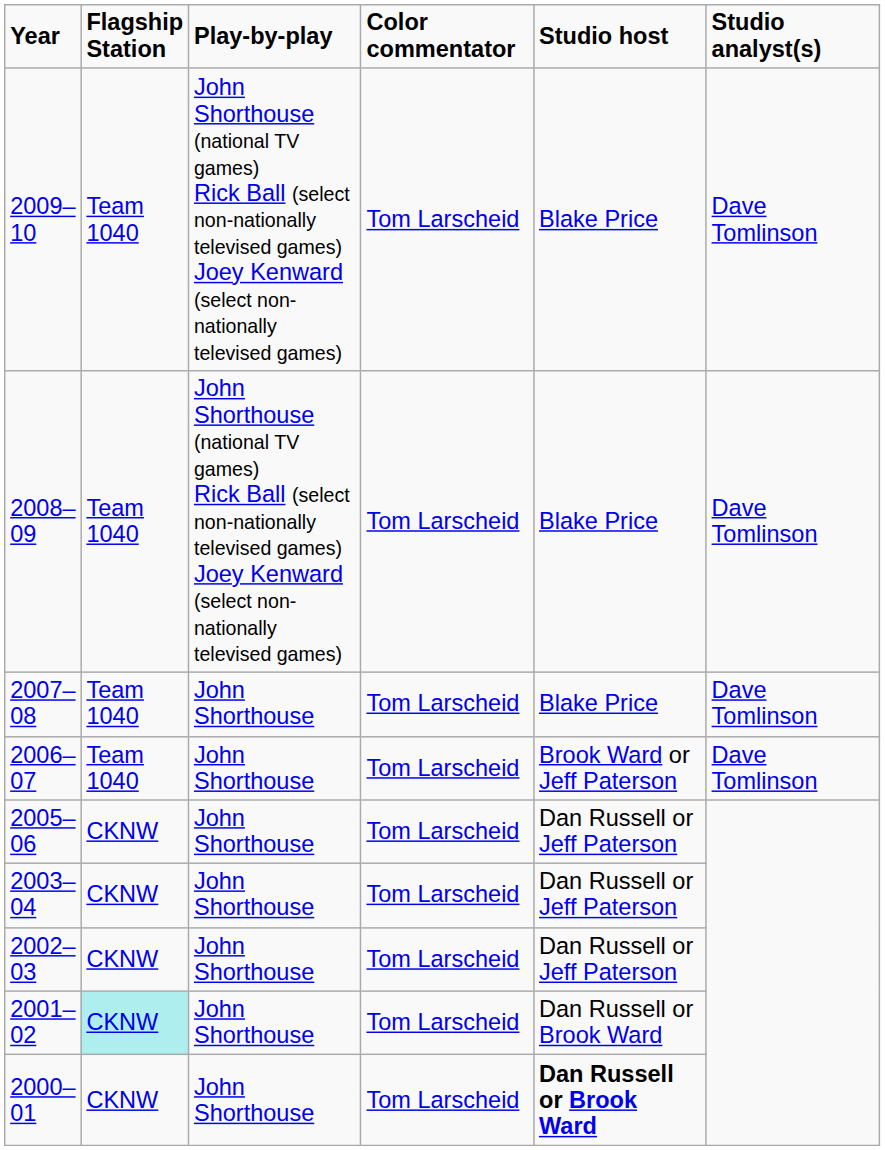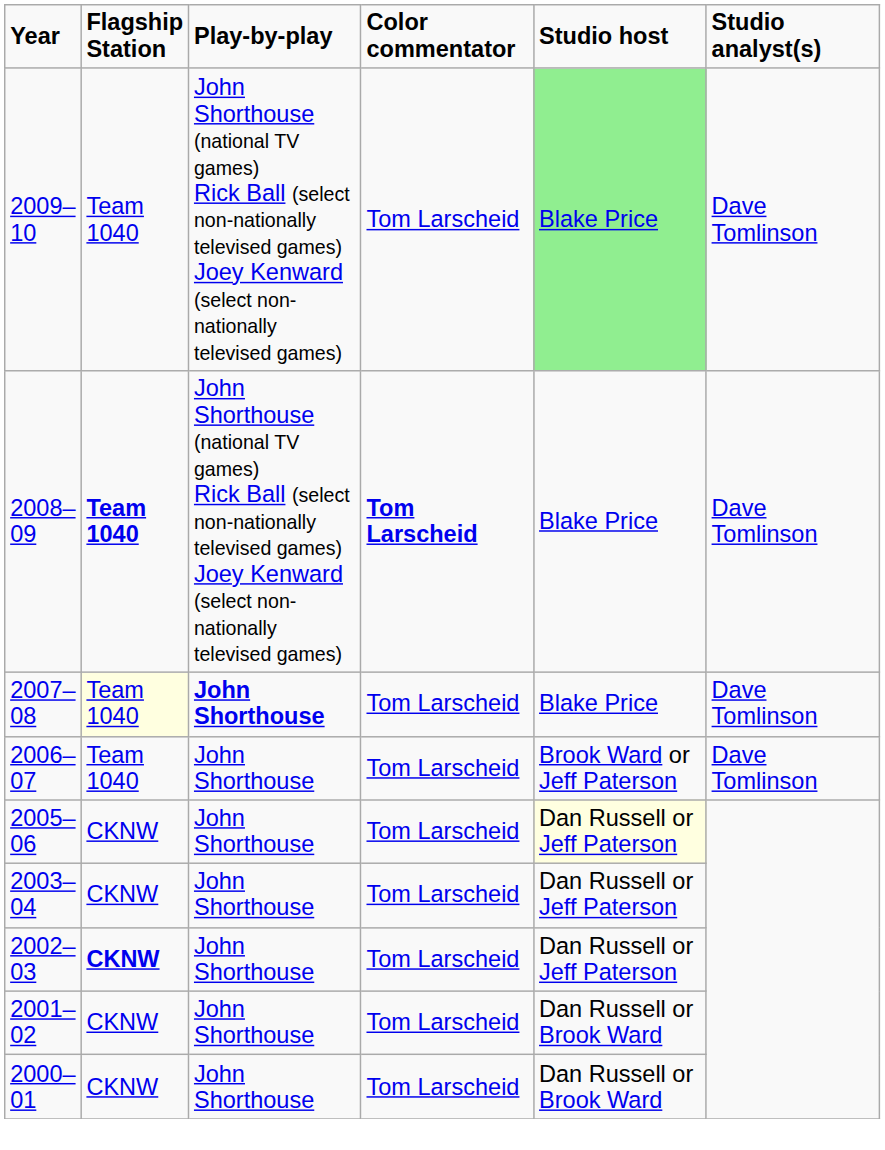 <table class="wikitable">
 <tr>
 <td style="width:40px;"><strong>Year</strong></td>
 <td style="width:40px;"><strong>Flagship Station</strong></td>
 <td style="width:110px;"><strong>Play-by-play</strong></td>
 <td style="width:110px;"><strong>Color commentator</strong></td>
 <td style="width:110px;"><strong>Studio host</strong></td>
 <td style="width:110px;"><strong>Studio analyst(s)</strong></td>
 </tr>
 <tr>
 <td><a href='#'>2009–10</a></td>
 <td><a href='#'>Team 1040</a></td>
 <td><a href='#'>John Shorthouse</a> <small>(national TV games)</small><br><a href='#'>Rick Ball</a> <small>(select non-nationally televised games)</small><br><a href='#'>Joey Kenward</a> <small>(select non-nationally televised games)</small></td>
 <td><a href='#'>Tom Larscheid</a></td>
-<td><a href='#'>Blake Price</a></td>
+<td style="background: lightgreen;"><a href='#'>Blake Price</a></td>
 <td><a href='#'>Dave Tomlinson</a></td>
 </tr>
 <tr>
 <td><a href='#'>2008–09</a></td>
-<td><a href='#'>Team 1040</a></td>
+<td><strong><a href='#'>Team 1040</a></strong></td>
 <td><a href='#'>John Shorthouse</a> <small>(national TV games)</small><br><a href='#'>Rick Ball</a> <small>(select non-nationally televised games)</small><br><a href='#'>Joey Kenward</a> <small>(select non-nationally televised games)</small></td>
-<td><a href='#'>Tom Larscheid</a></td>
+<td><strong><a href='#'>Tom Larscheid</a></strong></td>
 <td><a href='#'>Blake Price</a></td>
 <td><a href='#'>Dave Tomlinson</a></td>
 </tr>
 <tr>
 <td><a href='#'>2007–08</a></td>
-<td><a href='#'>Team 1040</a></td>
-<td><a href='#'>John Shorthouse</a></td>
+<td style="background: lightyellow;"><a href='#'>Team 1040</a></td>
+<td><strong><a href='#'>John Shorthouse</a></strong></td>
 <td><a href='#'>Tom Larscheid</a></td>
 <td><a href='#'>Blake Price</a></td>
 <td><a href='#'>Dave Tomlinson</a></td>
 </tr>
 <tr>
 <td><a href='#'>2006–07</a></td>
 <td><a href='#'>Team 1040</a></td>
 <td><a href='#'>John Shorthouse</a></td>
 <td><a href='#'>Tom Larscheid</a></td>
 <td><a href='#'>Brook Ward</a> or <a href='#'>Jeff Paterson</a></td>
 <td><a href='#'>Dave Tomlinson</a></td>
 </tr>
 <tr>
 <td><a href='#'>2005–06</a></td>
 <td><a href='#'>CKNW</a></td>
 <td><a href='#'>John Shorthouse</a></td>
 <td><a href='#'>Tom Larscheid</a></td>
-<td>Dan Russell or <a href='#'>Jeff Paterson</a></td>
+<td style="background: lightyellow;">Dan Russell or <a href='#'>Jeff Paterson</a></td>
 </tr>
 <tr>
 <td><a href='#'>2003–04</a></td>
 <td><a href='#'>CKNW</a></td>
 <td><a href='#'>John Shorthouse</a></td>
 <td><a href='#'>Tom Larscheid</a></td>
 <td>Dan Russell or <a href='#'>Jeff Paterson</a></td>
 </tr>
 <tr>
 <td><a href='#'>2002–03</a></td>
-<td><a href='#'>CKNW</a></td>
+<td><strong><a href='#'>CKNW</a></strong></td>
 <td><a href='#'>John Shorthouse</a></td>
 <td><a href='#'>Tom Larscheid</a></td>
 <td>Dan Russell or <a href='#'>Jeff Paterson</a></td>
 </tr>
 <tr>
 <td><a href='#'>2001–02</a></td>
-<td style="background: paleturquoise;"><a href='#'>CKNW</a></td>
+<td><a href='#'>CKNW</a></td>
 <td><a href='#'>John Shorthouse</a></td>
 <td><a href='#'>Tom Larscheid</a></td>
 <td>Dan Russell or <a href='#'>Brook Ward</a></td>
 </tr>
 <tr>
 <td><a href='#'>2000–01</a></td>
 <td><a href='#'>CKNW</a></td>
 <td><a href='#'>John Shorthouse</a></td>
 <td><a href='#'>Tom Larscheid</a></td>
-<td><strong>Dan Russell or <a href='#'>Brook Ward</a></strong></td>
+<td>Dan Russell or <a href='#'>Brook Ward</a></td>
 </tr>
 </table>
